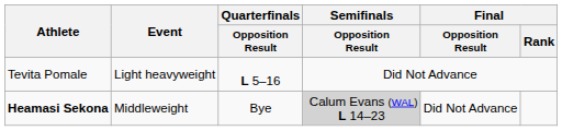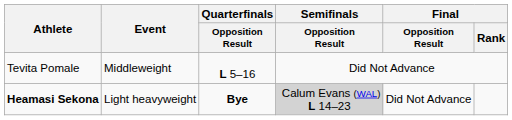 <table class=wikitable style="font-size:90%">
 <tr>
 <th rowspan="2">Athlete</th>
 <th rowspan="2">Event</th>
 <th>Quarterfinals</th>
 <th>Semifinals</th>
 <th colspan="2">Final</th>
 </tr>
 <tr>
 <th style="line-height:1em"><small>Opposition<br>Result</small></th>
 <th style="line-height:1em"><small>Opposition<br>Result</small></th>
 <th style="line-height:1em"><small>Opposition<br>Result</small></th>
 <th>Rank</th>
 </tr>
 <tr>
 <td>Tevita Pomale</td>
-<td>Light heavyweight</td>
+<td>Middleweight</td>
 <td align=center><br><strong>L</strong> 5–16</td>
 <td align=center colspan=4>Did Not Advance</td>
 </tr>
 <tr>
 <td><strong>Heamasi Sekona</strong></td>
-<td>Middleweight</td>
-<td align=center>Bye</td>
+<td>Light heavyweight</td>
+<td align=center><strong>Bye</strong></td>
 <td align=center style="background: lightgrey;"> Calum Evans <small>(<a href='#'>WAL</a>)</small><br><strong>L</strong> 14–23</td>
 <td align=center>Did Not Advance</td>
 <td align=center></td>
 </tr>
 </table>
